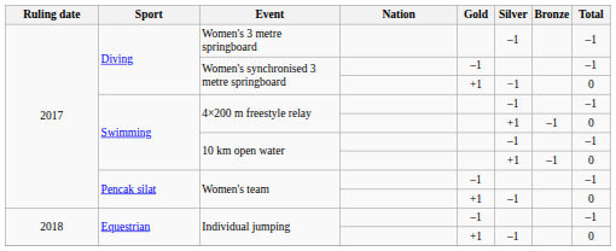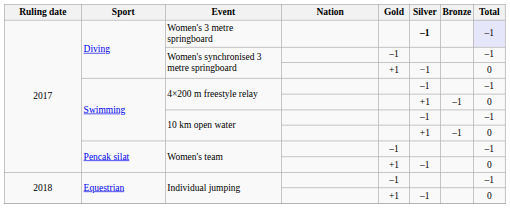 <table class="wikitable" style="text-align:center; font-size:90%;">
 <tr>
 <th scope="col" width="110">Ruling date</th>
 <th scope="col" width="120">Sport</th>
 <th scope="col" width="170">Event</th>
 <th scope="col" width="140">Nation</th>
 <th scope="col" width="40">Gold</th>
 <th scope="col" width="40">Silver</th>
 <th scope="col" width="40">Bronze</th>
 <th scope="col" width="41">Total</th>
 </tr>
 <tr>
 <td rowspan=9>2017</td>
 <td rowspan=3 align=left><a href='#'>Diving</a></td>
 <td align=left>Women's 3 metre springboard</td>
 <td align=left></td>
 <td></td>
-<td>–1</td>
+<td><strong>–1</strong></td>
 <td></td>
-<td>–1</td>
+<td style="background: lavender;">–1</td>
 </tr>
 <tr>
 <td rowspan=2 align=left>Women's synchronised 3 metre springboard</td>
 <td align=left></td>
 <td>–1</td>
 <td></td>
 <td></td>
 <td>–1</td>
 </tr>
 <tr>
 <td align=left></td>
 <td>+1</td>
 <td>−1</td>
 <td></td>
 <td>0</td>
 </tr>
 <tr>
 <td rowspan=4 align=left><a href='#'>Swimming</a></td>
 <td rowspan=2 align=left>4×200 m freestyle relay</td>
 <td align=left></td>
 <td></td>
 <td>–1</td>
 <td></td>
 <td>–1</td>
 </tr>
 <tr>
 <td align=left></td>
 <td></td>
 <td>+1</td>
 <td>–1</td>
 <td>0</td>
 </tr>
 <tr>
 <td rowspan=2 align=left>10 km open water</td>
 <td align=left></td>
 <td></td>
 <td>–1</td>
 <td></td>
 <td>–1</td>
 </tr>
 <tr>
 <td align=left></td>
 <td></td>
 <td>+1</td>
 <td>–1</td>
 <td>0</td>
 </tr>
 <tr>
 <td rowspan=2 align=left><a href='#'>Pencak silat</a></td>
 <td rowspan=2 align=left>Women's team</td>
 <td align=left></td>
 <td>–1</td>
 <td></td>
 <td></td>
 <td>–1</td>
 </tr>
 <tr>
 <td align=left></td>
 <td>+1</td>
 <td>–1</td>
 <td></td>
 <td>0</td>
 </tr>
 <tr>
 <td rowspan=2>2018</td>
 <td rowspan=2 align=left><a href='#'>Equestrian</a></td>
 <td rowspan=2 align=left>Individual jumping</td>
 <td align=left></td>
 <td>–1</td>
 <td></td>
 <td></td>
 <td>–1</td>
 </tr>
 <tr>
 <td align=left></td>
 <td>+1</td>
 <td>–1</td>
 <td></td>
 <td>0</td>
 </tr>
 <tr>
 </tr>
 </table>
